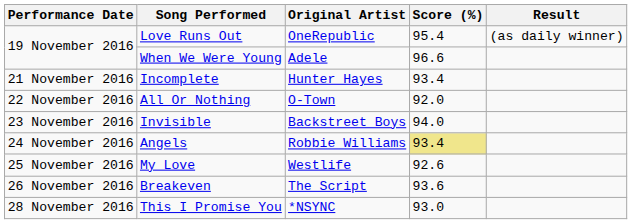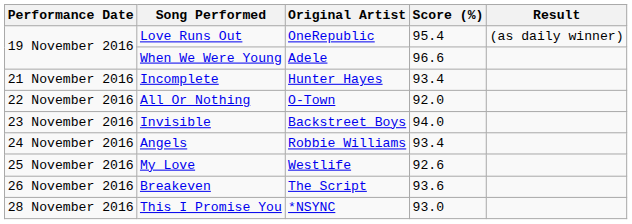 <table class="wikitable">
 <tr>
 <th>Performance Date</th>
 <th>Song Performed</th>
 <th>Original Artist</th>
 <th>Score (%)</th>
 <th>Result</th>
 </tr>
 <tr>
 <td rowspan="2">19 November 2016</td>
 <td><a href='#'>Love Runs Out</a></td>
 <td><a href='#'>OneRepublic</a></td>
 <td>95.4</td>
 <td> (as daily winner)</td>
 </tr>
 <tr>
 <td><a href='#'>When We Were Young</a></td>
 <td><a href='#'>Adele</a></td>
 <td>96.6</td>
 <td></td>
 </tr>
 <tr>
 <td>21 November 2016</td>
 <td><a href='#'>Incomplete</a></td>
 <td><a href='#'>Hunter Hayes</a></td>
 <td>93.4</td>
 <td></td>
 </tr>
 <tr>
 <td>22 November 2016</td>
 <td><a href='#'>All Or Nothing</a></td>
 <td><a href='#'>O-Town</a></td>
 <td>92.0</td>
 <td></td>
 </tr>
 <tr>
 <td>23 November 2016</td>
 <td><a href='#'>Invisible</a></td>
 <td><a href='#'>Backstreet Boys</a></td>
 <td>94.0</td>
 <td></td>
 </tr>
 <tr>
 <td>24 November 2016</td>
 <td><a href='#'>Angels</a></td>
 <td><a href='#'>Robbie Williams</a></td>
-<td style="background: khaki;">93.4</td>
+<td>93.4</td>
 <td></td>
 </tr>
 <tr>
 <td>25 November 2016</td>
 <td><a href='#'>My Love</a></td>
 <td><a href='#'>Westlife</a></td>
 <td>92.6</td>
 <td></td>
 </tr>
 <tr>
 <td>26 November 2016</td>
 <td><a href='#'>Breakeven</a></td>
 <td><a href='#'>The Script</a></td>
 <td>93.6</td>
 <td></td>
 </tr>
 <tr>
 <td>28 November 2016</td>
 <td><a href='#'>This I Promise You</a></td>
 <td><a href='#'>*NSYNC</a></td>
 <td>93.0</td>
 <td></td>
 </tr>
 </table>
